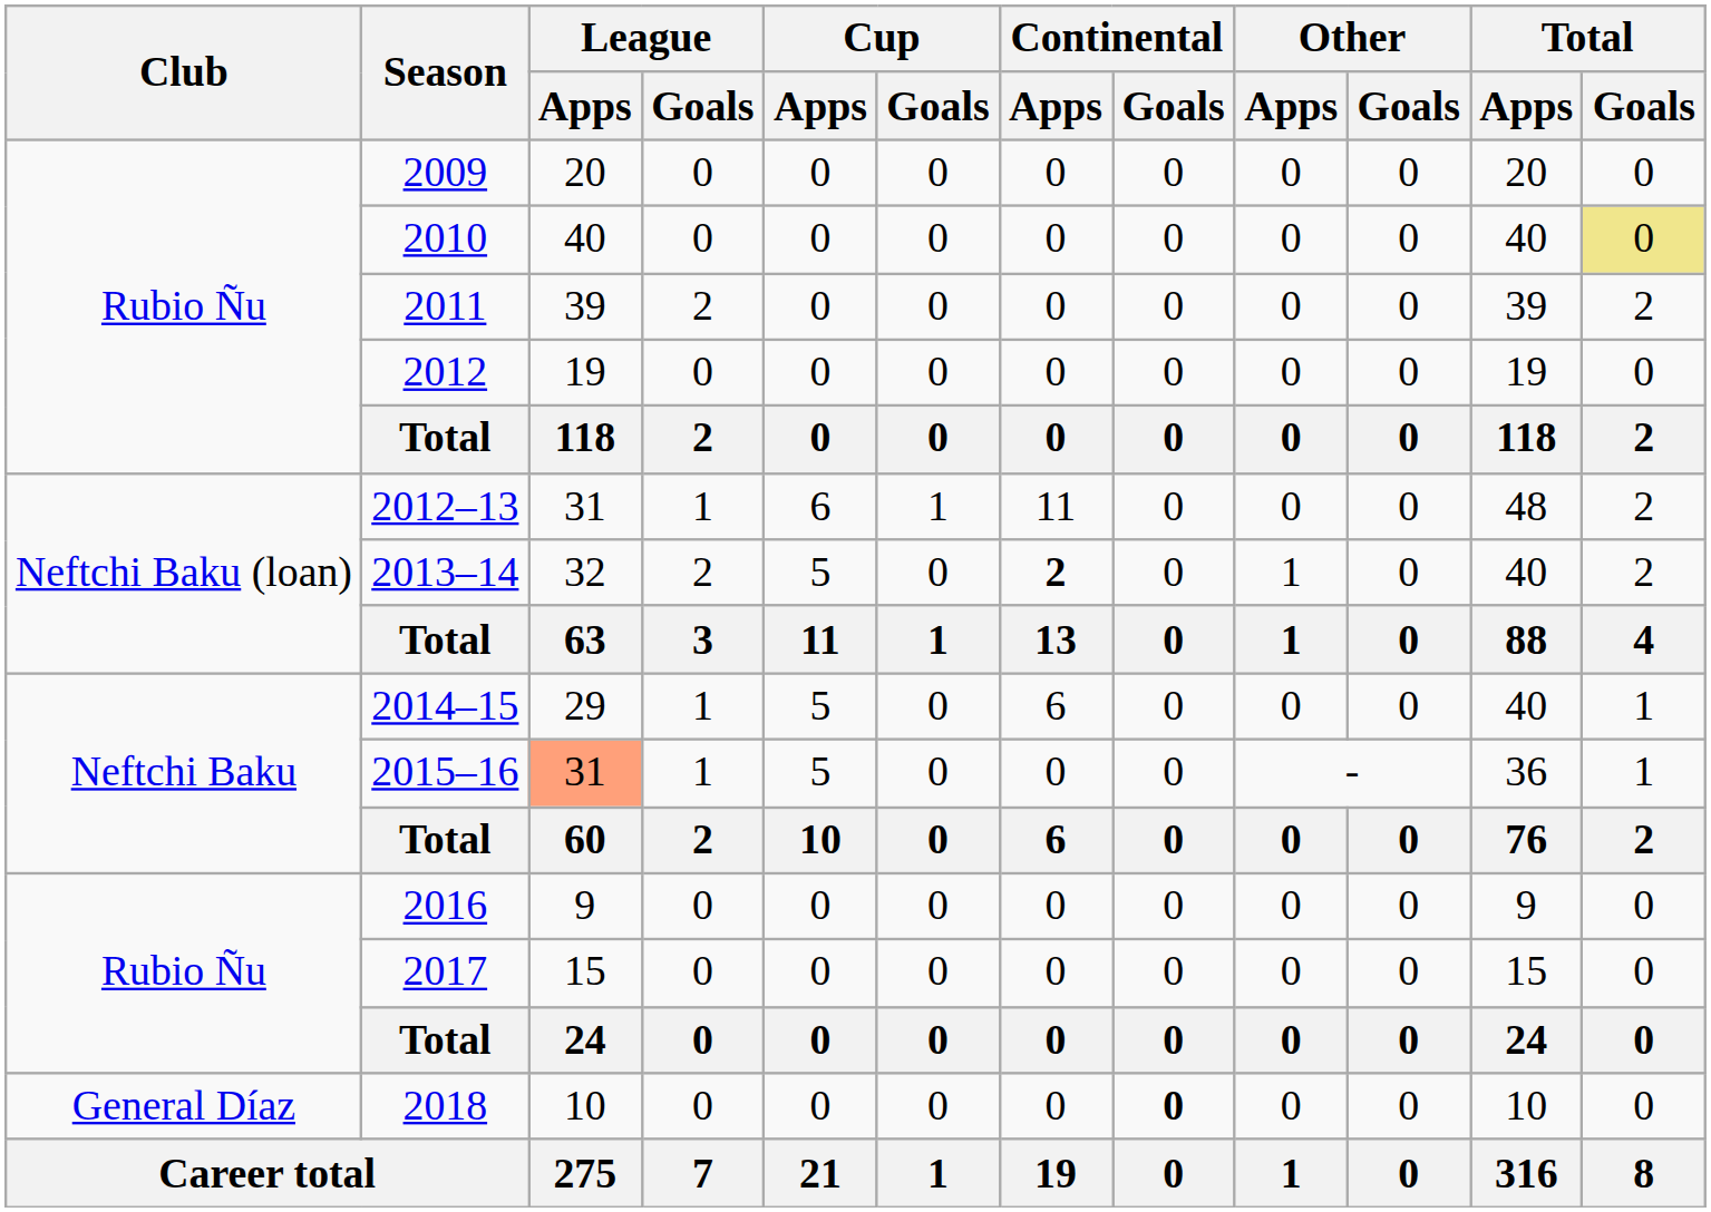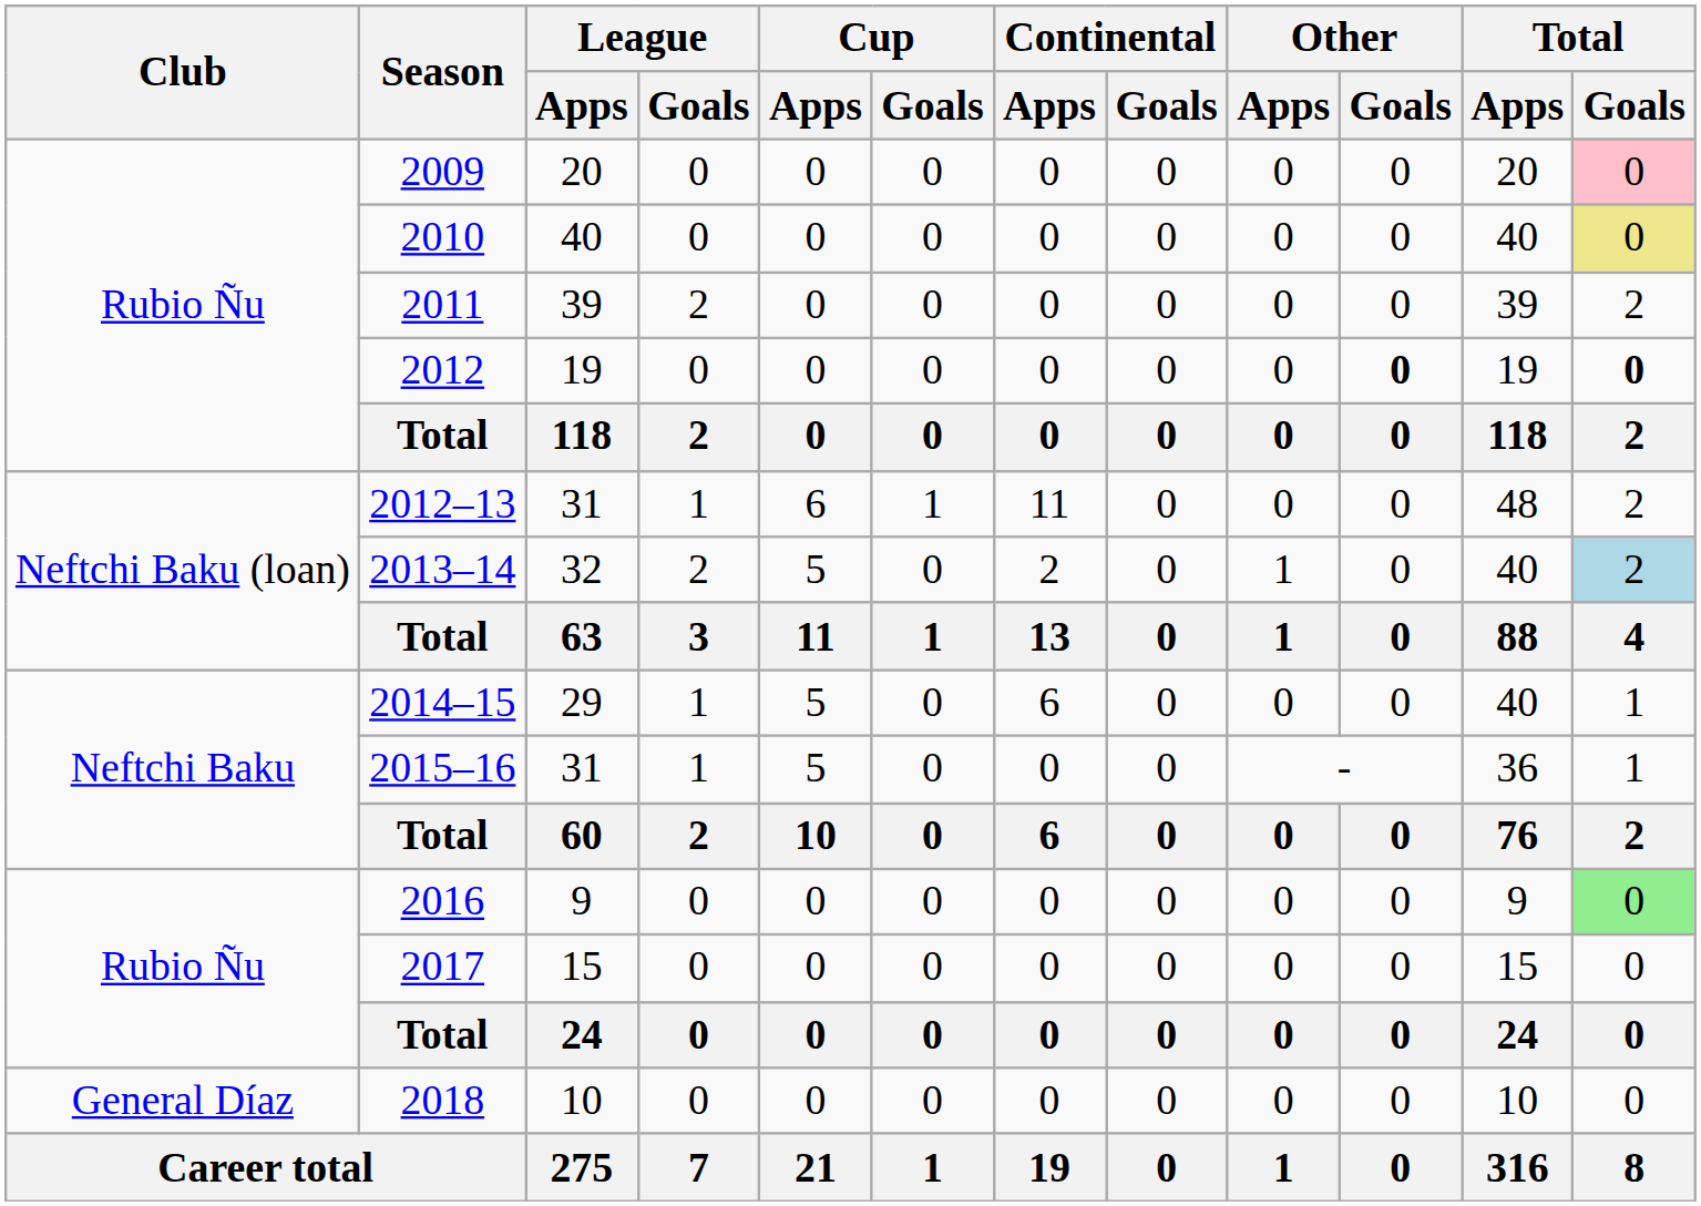 <table class="wikitable" style="text-align: center;">
 <tr>
 <th rowspan="2">Club</th>
 <th rowspan="2">Season</th>
 <th colspan="2">League</th>
 <th colspan="2">Cup</th>
 <th colspan="2">Continental</th>
 <th colspan="2">Other</th>
 <th colspan="2">Total</th>
 </tr>
 <tr>
 <th>Apps</th>
 <th>Goals</th>
 <th>Apps</th>
 <th>Goals</th>
 <th>Apps</th>
 <th>Goals</th>
 <th>Apps</th>
 <th>Goals</th>
 <th>Apps</th>
 <th>Goals</th>
 </tr>
 <tr>
 <td rowspan="5" valign="center"><a href='#'>Rubio Ñu</a></td>
 <td><a href='#'>2009</a></td>
 <td>20</td>
 <td>0</td>
 <td>0</td>
 <td>0</td>
 <td>0</td>
 <td>0</td>
 <td>0</td>
 <td>0</td>
 <td>20</td>
-<td>0</td>
+<td style="background: pink;">0</td>
 </tr>
 <tr>
 <td><a href='#'>2010</a></td>
 <td>40</td>
 <td>0</td>
 <td>0</td>
 <td>0</td>
 <td>0</td>
 <td>0</td>
 <td>0</td>
 <td>0</td>
 <td>40</td>
 <td style="background: khaki;">0</td>
 </tr>
 <tr>
 <td><a href='#'>2011</a></td>
 <td>39</td>
 <td>2</td>
 <td>0</td>
 <td>0</td>
 <td>0</td>
 <td>0</td>
 <td>0</td>
 <td>0</td>
 <td>39</td>
 <td>2</td>
 </tr>
 <tr>
 <td><a href='#'>2012</a></td>
 <td>19</td>
 <td>0</td>
 <td>0</td>
 <td>0</td>
 <td>0</td>
 <td>0</td>
 <td>0</td>
-<td>0</td>
+<td><strong>0</strong></td>
 <td>19</td>
-<td>0</td>
+<td><strong>0</strong></td>
 </tr>
 <tr>
 <th>Total</th>
 <th>118</th>
 <th>2</th>
 <th>0</th>
 <th>0</th>
 <th>0</th>
 <th>0</th>
 <th>0</th>
 <th>0</th>
 <th>118</th>
 <th>2</th>
 </tr>
 <tr>
 <td rowspan="3" valign="center"><a href='#'>Neftchi Baku</a> (loan)</td>
 <td><a href='#'>2012–13</a></td>
 <td>31</td>
 <td>1</td>
 <td>6</td>
 <td>1</td>
 <td>11</td>
 <td>0</td>
 <td>0</td>
 <td>0</td>
 <td>48</td>
 <td>2</td>
 </tr>
 <tr>
 <td><a href='#'>2013–14</a></td>
 <td>32</td>
 <td>2</td>
 <td>5</td>
 <td>0</td>
-<td><strong>2</strong></td>
+<td>2</td>
 <td>0</td>
 <td>1</td>
 <td>0</td>
 <td>40</td>
-<td>2</td>
+<td style="background: lightblue;">2</td>
 </tr>
 <tr>
 <th>Total</th>
 <th>63</th>
 <th>3</th>
 <th>11</th>
 <th>1</th>
 <th>13</th>
 <th>0</th>
 <th>1</th>
 <th>0</th>
 <th>88</th>
 <th>4</th>
 </tr>
 <tr>
 <td rowspan="3" valign="center"><a href='#'>Neftchi Baku</a></td>
 <td><a href='#'>2014–15</a></td>
 <td>29</td>
 <td>1</td>
 <td>5</td>
 <td>0</td>
 <td>6</td>
 <td>0</td>
 <td>0</td>
 <td>0</td>
 <td>40</td>
 <td>1</td>
 </tr>
 <tr>
 <td><a href='#'>2015–16</a></td>
-<td style="background: lightsalmon;">31</td>
+<td>31</td>
 <td>1</td>
 <td>5</td>
 <td>0</td>
 <td>0</td>
 <td>0</td>
 <td colspan="2">-</td>
 <td>36</td>
 <td>1</td>
 </tr>
 <tr>
 <th>Total</th>
 <th>60</th>
 <th>2</th>
 <th>10</th>
 <th>0</th>
 <th>6</th>
 <th>0</th>
 <th>0</th>
 <th>0</th>
 <th>76</th>
 <th>2</th>
 </tr>
 <tr>
 <td rowspan="3" valign="center"><a href='#'>Rubio Ñu</a></td>
 <td><a href='#'>2016</a></td>
 <td>9</td>
 <td>0</td>
 <td>0</td>
 <td>0</td>
 <td>0</td>
 <td>0</td>
 <td>0</td>
 <td>0</td>
 <td>9</td>
-<td>0</td>
+<td style="background: lightgreen;">0</td>
 </tr>
 <tr>
 <td><a href='#'>2017</a></td>
 <td>15</td>
 <td>0</td>
 <td>0</td>
 <td>0</td>
 <td>0</td>
 <td>0</td>
 <td>0</td>
 <td>0</td>
 <td>15</td>
 <td>0</td>
 </tr>
 <tr>
 <th>Total</th>
 <th>24</th>
 <th>0</th>
 <th>0</th>
 <th>0</th>
 <th>0</th>
 <th>0</th>
 <th>0</th>
 <th>0</th>
 <th>24</th>
 <th>0</th>
 </tr>
 <tr>
 <td valign="center"><a href='#'>General Díaz</a></td>
 <td><a href='#'>2018</a></td>
 <td>10</td>
 <td>0</td>
 <td>0</td>
 <td>0</td>
 <td>0</td>
-<td><strong>0</strong></td>
+<td>0</td>
 <td>0</td>
 <td>0</td>
 <td>10</td>
 <td>0</td>
 </tr>
 <tr>
 <th colspan="2">Career total</th>
 <th>275</th>
 <th>7</th>
 <th>21</th>
 <th>1</th>
 <th>19</th>
 <th>0</th>
 <th>1</th>
 <th>0</th>
 <th>316</th>
 <th>8</th>
 </tr>
 </table>
